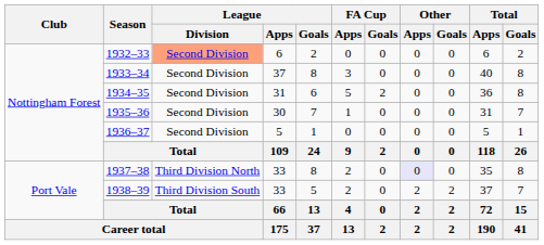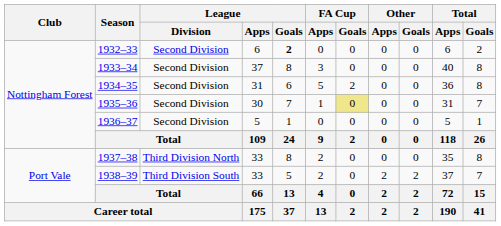 <table class="wikitable" style="text-align: center;">
 <tr>
 <th rowspan="2">Club</th>
 <th rowspan="2">Season</th>
 <th colspan="3">League</th>
 <th colspan="2">FA Cup</th>
 <th colspan="2">Other</th>
 <th colspan="2">Total</th>
 </tr>
 <tr>
 <th>Division</th>
 <th>Apps</th>
 <th>Goals</th>
 <th>Apps</th>
 <th>Goals</th>
 <th>Apps</th>
 <th>Goals</th>
 <th>Apps</th>
 <th>Goals</th>
 </tr>
 <tr>
 <td rowspan="6"><a href='#'>Nottingham Forest</a></td>
 <td><a href='#'>1932–33</a></td>
-<td style="background: lightsalmon;"><a href='#'>Second Division</a></td>
+<td><a href='#'>Second Division</a></td>
 <td>6</td>
-<td>2</td>
+<td><strong>2</strong></td>
 <td>0</td>
 <td>0</td>
 <td>0</td>
 <td>0</td>
 <td>6</td>
 <td>2</td>
 </tr>
 <tr>
 <td><a href='#'>1933–34</a></td>
 <td>Second Division</td>
 <td>37</td>
 <td>8</td>
 <td>3</td>
 <td>0</td>
 <td>0</td>
 <td>0</td>
 <td>40</td>
 <td>8</td>
 </tr>
 <tr>
 <td><a href='#'>1934–35</a></td>
 <td>Second Division</td>
 <td>31</td>
 <td>6</td>
 <td>5</td>
 <td>2</td>
 <td>0</td>
 <td>0</td>
 <td>36</td>
 <td>8</td>
 </tr>
 <tr>
 <td><a href='#'>1935–36</a></td>
 <td>Second Division</td>
 <td>30</td>
 <td>7</td>
 <td>1</td>
-<td>0</td>
+<td style="background: khaki;">0</td>
 <td>0</td>
 <td>0</td>
 <td>31</td>
 <td>7</td>
 </tr>
 <tr>
 <td><a href='#'>1936–37</a></td>
 <td>Second Division</td>
 <td>5</td>
 <td>1</td>
 <td>0</td>
 <td>0</td>
 <td>0</td>
 <td>0</td>
 <td>5</td>
 <td>1</td>
 </tr>
 <tr>
 <th colspan="2">Total</th>
 <th>109</th>
 <th>24</th>
 <th>9</th>
 <th>2</th>
 <th>0</th>
 <th>0</th>
 <th>118</th>
 <th>26</th>
 </tr>
 <tr>
 <td rowspan="3"><a href='#'>Port Vale</a></td>
 <td><a href='#'>1937–38</a></td>
 <td><a href='#'>Third Division North</a></td>
 <td>33</td>
 <td>8</td>
 <td>2</td>
 <td>0</td>
-<td style="background: lavender;">0</td>
+<td>0</td>
 <td>0</td>
 <td>35</td>
 <td>8</td>
 </tr>
 <tr>
 <td><a href='#'>1938–39</a></td>
 <td><a href='#'>Third Division South</a></td>
 <td>33</td>
 <td>5</td>
 <td>2</td>
 <td>0</td>
 <td>2</td>
 <td>2</td>
 <td>37</td>
 <td>7</td>
 </tr>
 <tr>
 <th colspan="2">Total</th>
 <th>66</th>
 <th>13</th>
 <th>4</th>
 <th>0</th>
 <th>2</th>
 <th>2</th>
 <th>72</th>
 <th>15</th>
 </tr>
 <tr>
 <th colspan="3">Career total</th>
 <th>175</th>
 <th>37</th>
 <th>13</th>
 <th>2</th>
 <th>2</th>
 <th>2</th>
 <th>190</th>
 <th>41</th>
 </tr>
 </table>
